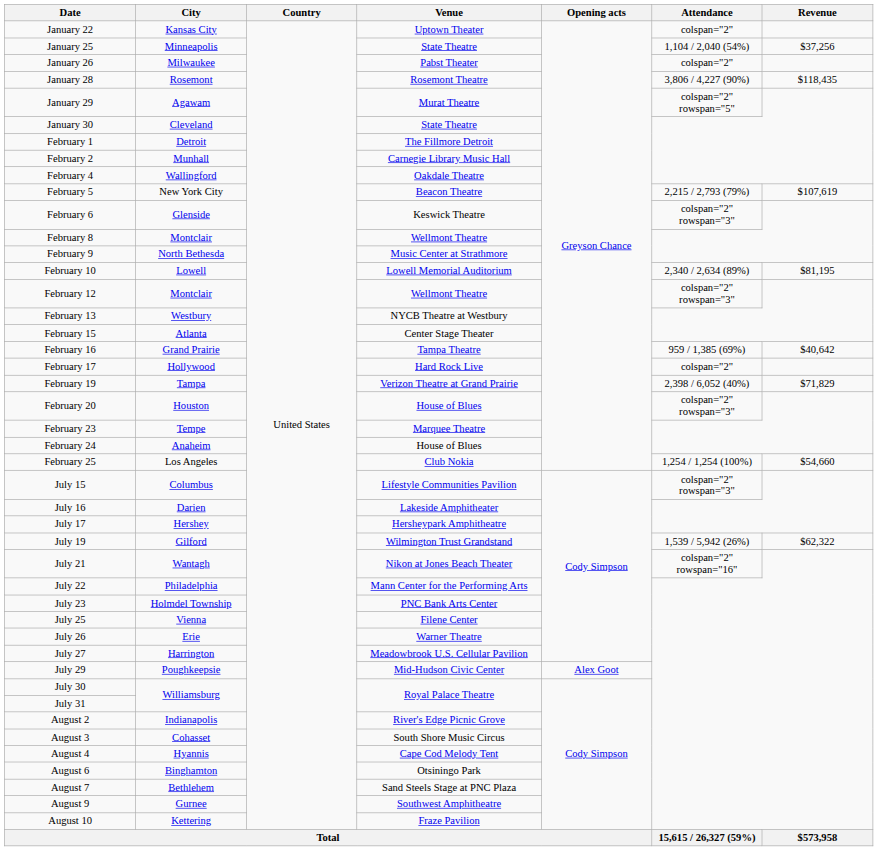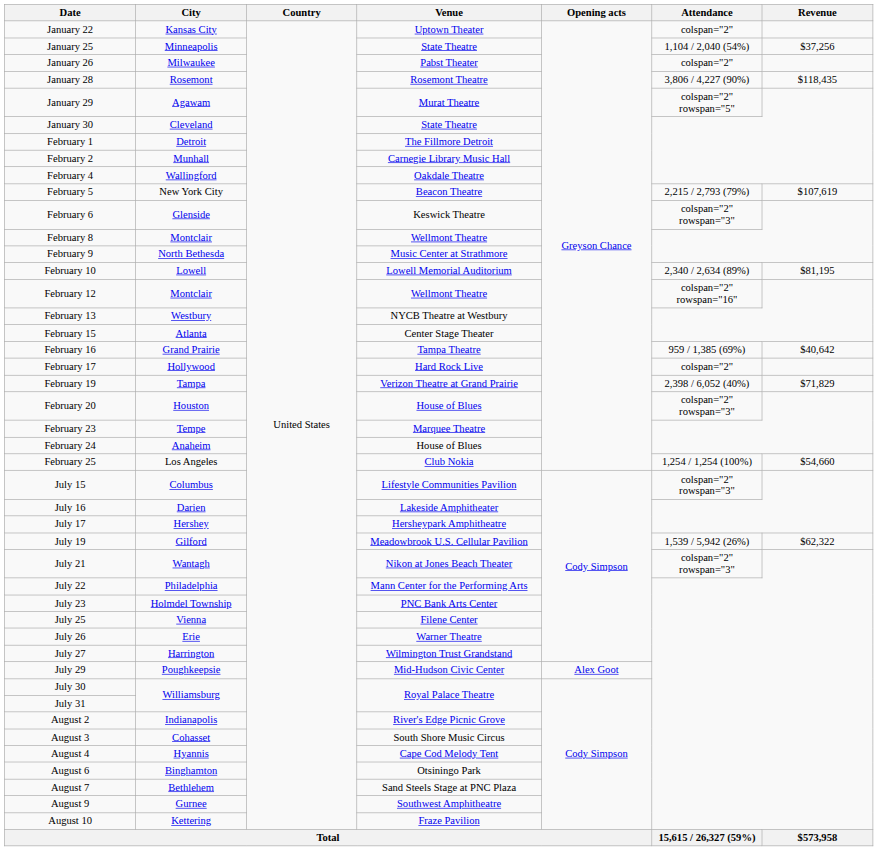 <table class="wikitable plainrowheaders" style="text-align:center;">
 <tr>
 <th scope="col" style="width:12em;">Date</th>
 <th scope="col" style="width:10em;">City</th>
 <th scope="col" style="width:10em;">Country</th>
 <th scope="col" style="width:17em;">Venue</th>
 <th scope="col" style="width:10em;">Opening acts</th>
 <th scope="col" style="width:10em;">Attendance</th>
 <th scope="col" style="width:10em;">Revenue</th>
 </tr>
 <tr>
 <td>January 22</td>
 <td><a href='#'>Kansas City</a></td>
 <td rowspan="44">United States</td>
 <td><a href='#'>Uptown Theater</a></td>
 <td rowspan="24"><a href='#'>Greyson Chance</a></td>
 <td>colspan="2" </td>
 </tr>
 <tr>
 <td>January 25</td>
 <td><a href='#'>Minneapolis</a></td>
 <td><a href='#'>State Theatre</a></td>
 <td>1,104 / 2,040 (54%)</td>
 <td>$37,256</td>
 </tr>
 <tr>
 <td>January 26</td>
 <td><a href='#'>Milwaukee</a></td>
 <td><a href='#'>Pabst Theater</a></td>
 <td>colspan="2" </td>
 </tr>
 <tr>
 <td>January 28</td>
 <td><a href='#'>Rosemont</a></td>
 <td><a href='#'>Rosemont Theatre</a></td>
 <td>3,806 / 4,227 (90%)</td>
 <td>$118,435</td>
 </tr>
 <tr>
 <td>January 29</td>
 <td><a href='#'>Agawam</a></td>
 <td><a href='#'>Murat Theatre</a></td>
 <td>colspan="2" rowspan="5" </td>
 </tr>
 <tr>
 <td>January 30</td>
 <td><a href='#'>Cleveland</a></td>
 <td><a href='#'>State Theatre</a></td>
 </tr>
 <tr>
 <td>February 1</td>
 <td><a href='#'>Detroit</a></td>
 <td><a href='#'>The Fillmore Detroit</a></td>
 </tr>
 <tr>
 <td>February 2</td>
 <td><a href='#'>Munhall</a></td>
 <td><a href='#'>Carnegie Library Music Hall</a></td>
 </tr>
 <tr>
 <td>February 4</td>
 <td><a href='#'>Wallingford</a></td>
 <td><a href='#'>Oakdale Theatre</a></td>
 </tr>
 <tr>
 <td>February 5</td>
 <td>New York City</td>
 <td><a href='#'>Beacon Theatre</a></td>
 <td>2,215 / 2,793 (79%)</td>
 <td>$107,619</td>
 </tr>
 <tr>
 <td>February 6</td>
 <td><a href='#'>Glenside</a></td>
 <td>Keswick Theatre</td>
 <td>colspan="2" rowspan="3" </td>
 </tr>
 <tr>
 <td>February 8</td>
 <td><a href='#'>Montclair</a></td>
 <td><a href='#'>Wellmont Theatre</a></td>
 </tr>
 <tr>
 <td>February 9</td>
 <td><a href='#'>North Bethesda</a></td>
 <td><a href='#'>Music Center at Strathmore</a></td>
 </tr>
 <tr>
 <td>February 10</td>
 <td><a href='#'>Lowell</a></td>
 <td><a href='#'>Lowell Memorial Auditorium</a></td>
 <td>2,340 / 2,634 (89%)</td>
 <td>$81,195</td>
 </tr>
 <tr>
 <td>February 12</td>
 <td><a href='#'>Montclair</a></td>
 <td><a href='#'>Wellmont Theatre</a></td>
-<td>colspan="2" rowspan="3" </td>
+<td>colspan="2" rowspan="16" </td>
 </tr>
 <tr>
 <td>February 13</td>
 <td><a href='#'>Westbury</a></td>
 <td>NYCB Theatre at Westbury</td>
 </tr>
 <tr>
 <td>February 15</td>
 <td><a href='#'>Atlanta</a></td>
 <td>Center Stage Theater</td>
 </tr>
 <tr>
 <td>February 16</td>
 <td><a href='#'>Grand Prairie</a></td>
 <td><a href='#'>Tampa Theatre</a></td>
 <td>959 / 1,385 (69%)</td>
 <td>$40,642</td>
 </tr>
 <tr>
 <td>February 17</td>
 <td><a href='#'>Hollywood</a></td>
 <td><a href='#'>Hard Rock Live</a></td>
 <td>colspan="2" </td>
 </tr>
 <tr>
 <td>February 19</td>
 <td><a href='#'>Tampa</a></td>
 <td><a href='#'>Verizon Theatre at Grand Prairie</a></td>
 <td>2,398 / 6,052 (40%)</td>
 <td>$71,829</td>
 </tr>
 <tr>
 <td>February 20</td>
 <td><a href='#'>Houston</a></td>
 <td><a href='#'>House of Blues</a></td>
 <td>colspan="2" rowspan="3" </td>
 </tr>
 <tr>
 <td>February 23</td>
 <td><a href='#'>Tempe</a></td>
 <td><a href='#'>Marquee Theatre</a></td>
 </tr>
 <tr>
 <td>February 24</td>
 <td><a href='#'>Anaheim</a></td>
 <td>House of Blues</td>
 </tr>
 <tr>
 <td>February 25</td>
 <td>Los Angeles</td>
 <td><a href='#'>Club Nokia</a></td>
 <td>1,254 / 1,254 (100%)</td>
 <td>$54,660</td>
 </tr>
 <tr>
 <td>July 15</td>
 <td><a href='#'>Columbus</a></td>
 <td><a href='#'>Lifestyle Communities Pavilion</a></td>
 <td rowspan="10"><a href='#'>Cody Simpson</a></td>
 <td>colspan="2" rowspan="3" </td>
 </tr>
 <tr>
 <td>July 16</td>
 <td><a href='#'>Darien</a></td>
 <td><a href='#'>Lakeside Amphitheater</a></td>
 </tr>
 <tr>
 <td>July 17</td>
 <td><a href='#'>Hershey</a></td>
 <td><a href='#'>Hersheypark Amphitheatre</a></td>
 </tr>
 <tr>
 <td>July 19</td>
 <td><a href='#'>Gilford</a></td>
-<td><a href='#'>Wilmington Trust Grandstand</a></td>
+<td><a href='#'>Meadowbrook U.S. Cellular Pavilion</a></td>
 <td>1,539 / 5,942 (26%)</td>
 <td>$62,322</td>
 </tr>
 <tr>
 <td>July 21</td>
 <td><a href='#'>Wantagh</a></td>
 <td><a href='#'>Nikon at Jones Beach Theater</a></td>
-<td>colspan="2" rowspan="16" </td>
+<td>colspan="2" rowspan="3" </td>
 </tr>
 <tr>
 <td>July 22</td>
 <td><a href='#'>Philadelphia</a></td>
 <td><a href='#'>Mann Center for the Performing Arts</a></td>
 </tr>
 <tr>
 <td>July 23</td>
 <td><a href='#'>Holmdel Township</a></td>
 <td><a href='#'>PNC Bank Arts Center</a></td>
 </tr>
 <tr>
 <td>July 25</td>
 <td><a href='#'>Vienna</a></td>
 <td><a href='#'>Filene Center</a></td>
 </tr>
 <tr>
 <td>July 26</td>
 <td><a href='#'>Erie</a></td>
 <td><a href='#'>Warner Theatre</a></td>
 </tr>
 <tr>
 <td>July 27</td>
 <td><a href='#'>Harrington</a></td>
-<td><a href='#'>Meadowbrook U.S. Cellular Pavilion</a></td>
+<td><a href='#'>Wilmington Trust Grandstand</a></td>
 </tr>
 <tr>
 <td>July 29</td>
 <td><a href='#'>Poughkeepsie</a></td>
 <td><a href='#'>Mid-Hudson Civic Center</a></td>
 <td><a href='#'>Alex Goot</a></td>
 </tr>
 <tr>
 <td>July 30</td>
 <td rowspan="2"><a href='#'>Williamsburg</a></td>
 <td rowspan="2"><a href='#'>Royal Palace Theatre</a></td>
 <td rowspan="9"><a href='#'>Cody Simpson</a></td>
 </tr>
 <tr>
 <td>July 31</td>
 </tr>
 <tr>
 <td>August 2</td>
 <td><a href='#'>Indianapolis</a></td>
 <td><a href='#'>River's Edge Picnic Grove</a></td>
 </tr>
 <tr>
 <td>August 3</td>
 <td><a href='#'>Cohasset</a></td>
 <td>South Shore Music Circus</td>
 </tr>
 <tr>
 <td>August 4</td>
 <td><a href='#'>Hyannis</a></td>
 <td><a href='#'>Cape Cod Melody Tent</a></td>
 </tr>
 <tr>
 <td>August 6</td>
 <td><a href='#'>Binghamton</a></td>
 <td>Otsiningo Park</td>
 </tr>
 <tr>
 <td>August 7</td>
 <td><a href='#'>Bethlehem</a></td>
 <td>Sand Steels Stage at PNC Plaza</td>
 </tr>
 <tr>
 <td>August 9</td>
 <td><a href='#'>Gurnee</a></td>
 <td><a href='#'>Southwest Amphitheatre</a></td>
 </tr>
 <tr>
 <td>August 10</td>
 <td><a href='#'>Kettering</a></td>
 <td><a href='#'>Fraze Pavilion</a></td>
 </tr>
 <tr>
 <th colspan="5">Total</th>
 <th>15,615 / 26,327 (59%)</th>
 <th>$573,958</th>
 </tr>
 </table>
